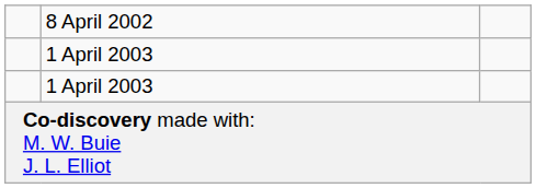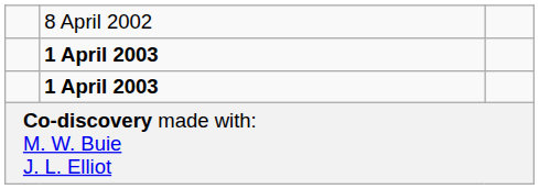 <table class="wikitable" style="font-size: 89%; float: left; width: 26em; margin-right: 1em; height: 80px;">
 <tr>
 <td><strong></strong></td>
 <td>8 April 2002</td>
 <td> </td>
 </tr>
 <tr>
 <td></td>
-<td>1 April 2003</td>
+<td><strong>1 April 2003</strong></td>
 <td> </td>
 </tr>
 <tr>
 <td></td>
-<td>1 April 2003</td>
+<td><strong>1 April 2003</strong></td>
 <td> </td>
 </tr>
 <tr>
 <th colspan=3 style="font-weight: normal; text-align: left; padding: 4px 12px;"><strong>Co-discovery</strong> made with:<br> <a href='#'>M. W. Buie</a><br> <a href='#'>J. L. Elliot</a></th>
 </tr>
 </table>
